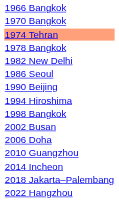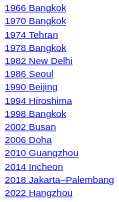 <table>
 <tr>
 <td rowspan=2><a href='#'>1966 Bangkok</a></td>
 <td rowspan=2></td>
 <td rowspan=2></td>
 <td></td>
 </tr>
 <tr>
 <td></td>
 </tr>
 <tr>
 <td rowspan=2><a href='#'>1970 Bangkok</a></td>
 <td rowspan=2></td>
 <td rowspan=2></td>
 <td></td>
 </tr>
 <tr>
 <td></td>
 </tr>
 <tr>
-<td style="background: lightsalmon;"><a href='#'>1974 Tehran</a></td>
+<td><a href='#'>1974 Tehran</a></td>
 <td></td>
 <td></td>
 <td></td>
 </tr>
 <tr>
 <td rowspan=2><a href='#'>1978 Bangkok</a></td>
 <td rowspan=2></td>
 <td rowspan=2></td>
 <td></td>
 </tr>
 <tr>
 <td></td>
 </tr>
 <tr>
 <td rowspan=2><a href='#'>1982 New Delhi</a></td>
 <td rowspan=2></td>
 <td rowspan=2></td>
 <td></td>
 </tr>
 <tr>
 <td></td>
 </tr>
 <tr>
 <td rowspan=2><a href='#'>1986 Seoul</a></td>
 <td rowspan=2></td>
 <td rowspan=2></td>
 <td></td>
 </tr>
 <tr>
 <td></td>
 </tr>
 <tr>
 <td rowspan=2><a href='#'>1990 Beijing</a></td>
 <td rowspan=2></td>
 <td rowspan=2></td>
 <td></td>
 </tr>
 <tr>
 <td></td>
 </tr>
 <tr>
 <td rowspan=2><a href='#'>1994 Hiroshima</a></td>
 <td rowspan=2></td>
 <td rowspan=2></td>
 <td></td>
 </tr>
 <tr>
 <td></td>
 </tr>
 <tr>
 <td rowspan=2><a href='#'>1998 Bangkok</a></td>
 <td rowspan=2></td>
 <td rowspan=2></td>
 <td></td>
 </tr>
 <tr>
 <td></td>
 </tr>
 <tr>
 <td rowspan=2><a href='#'>2002 Busan</a></td>
 <td rowspan=2></td>
 <td rowspan=2></td>
 <td></td>
 </tr>
 <tr>
 <td></td>
 </tr>
 <tr>
 <td rowspan=2><a href='#'>2006 Doha</a></td>
 <td rowspan=2></td>
 <td rowspan=2></td>
 <td></td>
 </tr>
 <tr>
 <td></td>
 </tr>
 <tr>
 <td rowspan=2><a href='#'>2010 Guangzhou</a></td>
 <td rowspan=2></td>
 <td rowspan=2></td>
 <td></td>
 </tr>
 <tr>
 <td></td>
 </tr>
 <tr>
 <td rowspan=2><a href='#'>2014 Incheon</a></td>
 <td rowspan=2></td>
 <td rowspan=2></td>
 <td></td>
 </tr>
 <tr>
 <td></td>
 </tr>
 <tr>
 <td rowspan=2><a href='#'>2018 Jakarta–Palembang</a></td>
 <td rowspan=2></td>
 <td rowspan=2></td>
 <td></td>
 </tr>
 <tr>
 <td></td>
 </tr>
 <tr>
 <td rowspan=2><a href='#'>2022 Hangzhou</a></td>
 <td rowspan=2></td>
 <td rowspan=2></td>
 <td></td>
 </tr>
 <tr>
 <td></td>
 </tr>
 </table>
